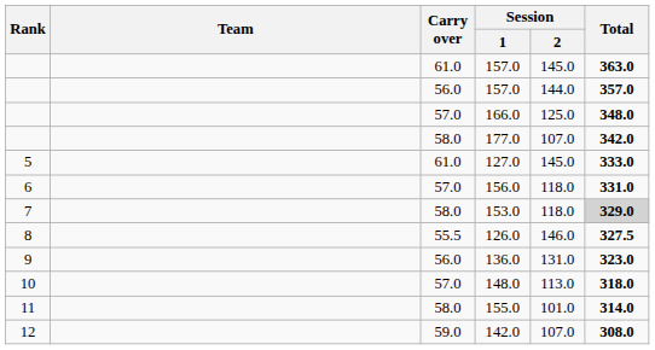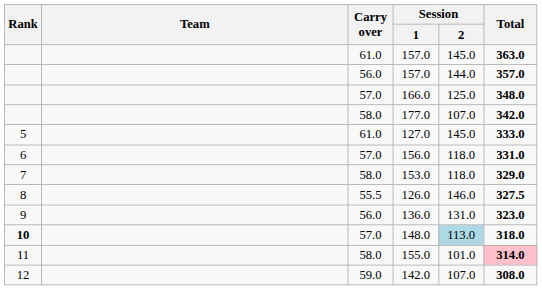 <table class=wikitable style="text-align:center">
 <tr>
 <th rowspan="2" width=40>Rank</th>
 <th rowspan="2" width=380>Team</th>
 <th rowspan=2 width=50>Carry over</th>
 <th colspan=2>Session</th>
 <th rowspan=2 width=60>Total</th>
 </tr>
 <tr>
 <th width=50>1</th>
 <th width=50>2</th>
 </tr>
 <tr>
 <td></td>
 <td align=left></td>
 <td>61.0</td>
 <td>157.0</td>
 <td>145.0</td>
 <td><strong>363.0</strong></td>
 </tr>
 <tr>
 <td></td>
 <td align=left></td>
 <td>56.0</td>
 <td>157.0</td>
 <td>144.0</td>
 <td><strong>357.0</strong></td>
 </tr>
 <tr>
 <td></td>
 <td align=left></td>
 <td>57.0</td>
 <td>166.0</td>
 <td>125.0</td>
 <td><strong>348.0</strong></td>
 </tr>
 <tr>
 <td></td>
 <td align=left></td>
 <td>58.0</td>
 <td>177.0</td>
 <td>107.0</td>
 <td><strong>342.0</strong></td>
 </tr>
 <tr>
 <td>5</td>
 <td align=left></td>
 <td>61.0</td>
 <td>127.0</td>
 <td>145.0</td>
 <td><strong>333.0</strong></td>
 </tr>
 <tr>
 <td>6</td>
 <td align=left></td>
 <td>57.0</td>
 <td>156.0</td>
 <td>118.0</td>
 <td><strong>331.0</strong></td>
 </tr>
 <tr>
 <td>7</td>
 <td align=left></td>
 <td>58.0</td>
 <td>153.0</td>
 <td>118.0</td>
-<td style="background: lightgrey;"><strong>329.0</strong></td>
+<td><strong>329.0</strong></td>
 </tr>
 <tr>
 <td>8</td>
 <td align=left></td>
 <td>55.5</td>
 <td>126.0</td>
 <td>146.0</td>
 <td><strong>327.5</strong></td>
 </tr>
 <tr>
 <td>9</td>
 <td align=left></td>
 <td>56.0</td>
 <td>136.0</td>
 <td>131.0</td>
 <td><strong>323.0</strong></td>
 </tr>
 <tr>
-<td>10</td>
+<td><strong>10</strong></td>
 <td align=left></td>
 <td>57.0</td>
 <td>148.0</td>
-<td>113.0</td>
+<td style="background: lightblue;">113.0</td>
 <td><strong>318.0</strong></td>
 </tr>
 <tr>
 <td>11</td>
 <td align=left></td>
 <td>58.0</td>
 <td>155.0</td>
 <td>101.0</td>
-<td><strong>314.0</strong></td>
+<td style="background: pink;"><strong>314.0</strong></td>
 </tr>
 <tr>
 <td>12</td>
 <td align=left></td>
 <td>59.0</td>
 <td>142.0</td>
 <td>107.0</td>
 <td><strong>308.0</strong></td>
 </tr>
 </table>
